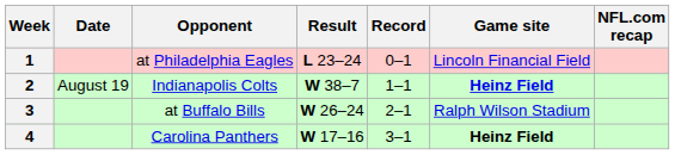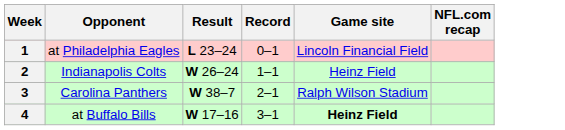 <table class="wikitable" style="text-align:center">
 <tr>
 <th>Week</th>
-<th>Date</th>
 <th>Opponent</th>
 <th>Result</th>
 <th>Record</th>
 <th>Game site</th>
 <th>NFL.com<br>recap</th>
 </tr>
 <tr style="background:#fcc; text-align:center;">
 <th>1</th>
-<td></td>
 <td>at <a href='#'>Philadelphia Eagles</a></td>
 <td><strong>L</strong> 23–24</td>
 <td>0–1</td>
 <td><a href='#'>Lincoln Financial Field</a></td>
 <td></td>
 </tr>
 <tr style="background:#cfc; text-align:center;">
 <th>2</th>
-<td>August 19</td>
 <td><a href='#'>Indianapolis Colts</a></td>
-<td><strong>W</strong> 38–7</td>
+<td><strong>W</strong> 26–24</td>
 <td>1–1</td>
-<td><strong><a href='#'>Heinz Field</a></strong></td>
+<td><a href='#'>Heinz Field</a></td>
 <td></td>
 </tr>
 <tr style="background:#cfc; text-align:center;">
 <th>3</th>
-<td></td>
-<td>at <a href='#'>Buffalo Bills</a></td>
-<td><strong>W</strong> 26–24</td>
+<td><a href='#'>Carolina Panthers</a></td>
+<td><strong>W</strong> 38–7</td>
 <td>2–1</td>
 <td><a href='#'>Ralph Wilson Stadium</a></td>
 <td></td>
 </tr>
 <tr style="background:#cfc; text-align:center;">
 <th>4</th>
-<td></td>
-<td><a href='#'>Carolina Panthers</a></td>
+<td>at <a href='#'>Buffalo Bills</a></td>
 <td><strong>W</strong> 17–16</td>
 <td>3–1</td>
 <td><strong>Heinz Field</strong></td>
 <td></td>
 </tr>
 </table>
